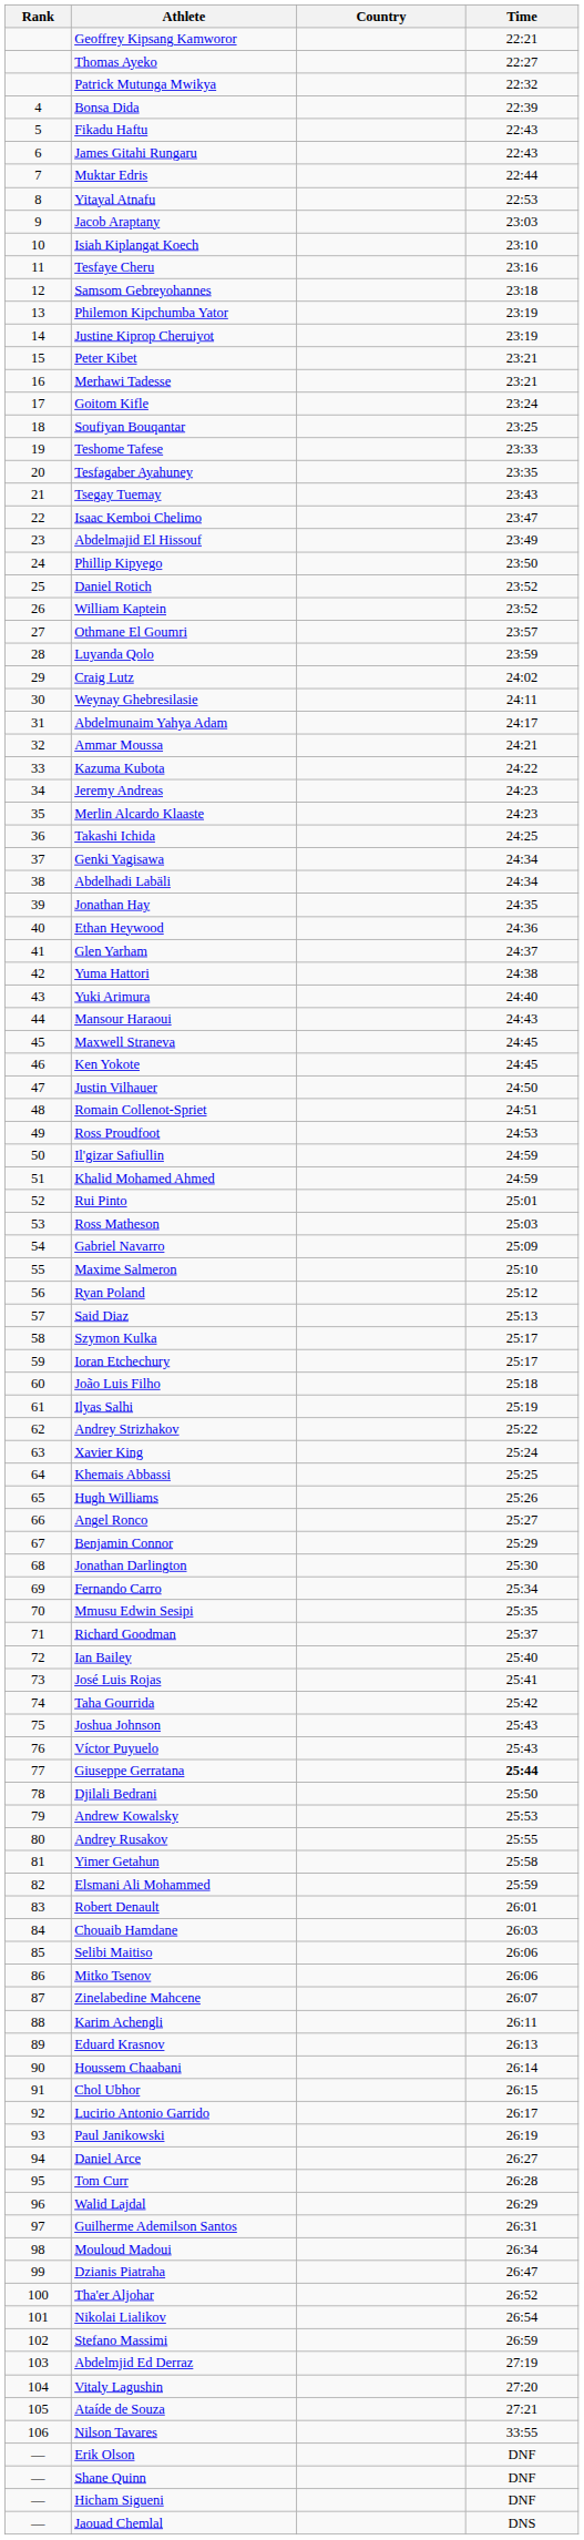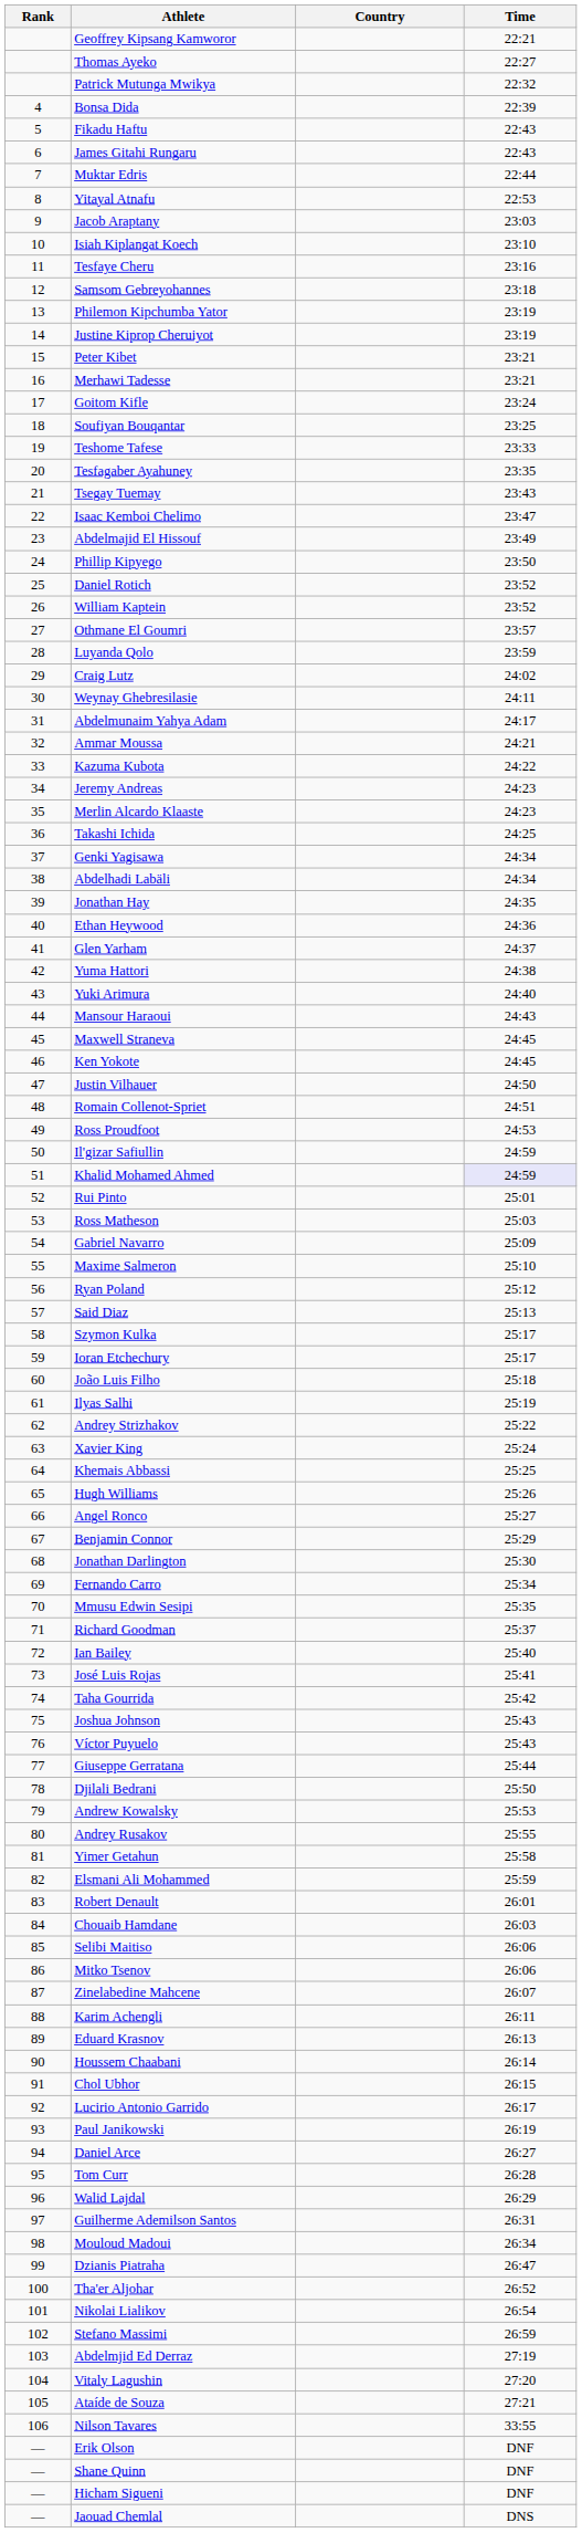 <table class="wikitable sortable" style=" text-align:center; font-size:95%;" width="50%">
 <tr>
 <th width=5%>Rank</th>
 <th width=20%>Athlete</th>
 <th width=15%>Country</th>
 <th width=10%>Time</th>
 </tr>
 <tr>
 <td align=center></td>
 <td align=left><a href='#'>Geoffrey Kipsang Kamworor</a></td>
 <td align=left></td>
 <td>22:21</td>
 </tr>
 <tr>
 <td align=center></td>
 <td align=left><a href='#'>Thomas Ayeko</a></td>
 <td align=left></td>
 <td>22:27</td>
 </tr>
 <tr>
 <td align=center></td>
 <td align=left><a href='#'>Patrick Mutunga Mwikya</a></td>
 <td align=left></td>
 <td>22:32</td>
 </tr>
 <tr>
 <td align=center>4</td>
 <td align=left><a href='#'>Bonsa Dida</a></td>
 <td align=left></td>
 <td>22:39</td>
 </tr>
 <tr>
 <td align=center>5</td>
 <td align=left><a href='#'>Fikadu Haftu</a></td>
 <td align=left></td>
 <td>22:43</td>
 </tr>
 <tr>
 <td align=center>6</td>
 <td align=left><a href='#'>James Gitahi Rungaru</a></td>
 <td align=left></td>
 <td>22:43</td>
 </tr>
 <tr>
 <td align=center>7</td>
 <td align=left><a href='#'>Muktar Edris</a></td>
 <td align=left></td>
 <td>22:44</td>
 </tr>
 <tr>
 <td align=center>8</td>
 <td align=left><a href='#'>Yitayal Atnafu</a></td>
 <td align=left></td>
 <td>22:53</td>
 </tr>
 <tr>
 <td align=center>9</td>
 <td align=left><a href='#'>Jacob Araptany</a></td>
 <td align=left></td>
 <td>23:03</td>
 </tr>
 <tr>
 <td align=center>10</td>
 <td align=left><a href='#'>Isiah Kiplangat Koech</a></td>
 <td align=left></td>
 <td>23:10</td>
 </tr>
 <tr>
 <td align=center>11</td>
 <td align=left><a href='#'>Tesfaye Cheru</a></td>
 <td align=left></td>
 <td>23:16</td>
 </tr>
 <tr>
 <td align=center>12</td>
 <td align=left><a href='#'>Samsom Gebreyohannes</a></td>
 <td align=left></td>
 <td>23:18</td>
 </tr>
 <tr>
 <td align=center>13</td>
 <td align=left><a href='#'>Philemon Kipchumba Yator</a></td>
 <td align=left></td>
 <td>23:19</td>
 </tr>
 <tr>
 <td align=center>14</td>
 <td align=left><a href='#'>Justine Kiprop Cheruiyot</a></td>
 <td align=left></td>
 <td>23:19</td>
 </tr>
 <tr>
 <td align=center>15</td>
 <td align=left><a href='#'>Peter Kibet</a></td>
 <td align=left></td>
 <td>23:21</td>
 </tr>
 <tr>
 <td align=center>16</td>
 <td align=left><a href='#'>Merhawi Tadesse</a></td>
 <td align=left></td>
 <td>23:21</td>
 </tr>
 <tr>
 <td align=center>17</td>
 <td align=left><a href='#'>Goitom Kifle</a></td>
 <td align=left></td>
 <td>23:24</td>
 </tr>
 <tr>
 <td align=center>18</td>
 <td align=left><a href='#'>Soufiyan Bouqantar</a></td>
 <td align=left></td>
 <td>23:25</td>
 </tr>
 <tr>
 <td align=center>19</td>
 <td align=left><a href='#'>Teshome Tafese</a></td>
 <td align=left></td>
 <td>23:33</td>
 </tr>
 <tr>
 <td align=center>20</td>
 <td align=left><a href='#'>Tesfagaber Ayahuney</a></td>
 <td align=left></td>
 <td>23:35</td>
 </tr>
 <tr>
 <td align=center>21</td>
 <td align=left><a href='#'>Tsegay Tuemay</a></td>
 <td align=left></td>
 <td>23:43</td>
 </tr>
 <tr>
 <td align=center>22</td>
 <td align=left><a href='#'>Isaac Kemboi Chelimo</a></td>
 <td align=left></td>
 <td>23:47</td>
 </tr>
 <tr>
 <td align=center>23</td>
 <td align=left><a href='#'>Abdelmajid El Hissouf</a></td>
 <td align=left></td>
 <td>23:49</td>
 </tr>
 <tr>
 <td align=center>24</td>
 <td align=left><a href='#'>Phillip Kipyego</a></td>
 <td align=left></td>
 <td>23:50</td>
 </tr>
 <tr>
 <td align=center>25</td>
 <td align=left><a href='#'>Daniel Rotich</a></td>
 <td align=left></td>
 <td>23:52</td>
 </tr>
 <tr>
 <td align=center>26</td>
 <td align=left><a href='#'>William Kaptein</a></td>
 <td align=left></td>
 <td>23:52</td>
 </tr>
 <tr>
 <td align=center>27</td>
 <td align=left><a href='#'>Othmane El Goumri</a></td>
 <td align=left></td>
 <td>23:57</td>
 </tr>
 <tr>
 <td align=center>28</td>
 <td align=left><a href='#'>Luyanda Qolo</a></td>
 <td align=left></td>
 <td>23:59</td>
 </tr>
 <tr>
 <td align=center>29</td>
 <td align=left><a href='#'>Craig Lutz</a></td>
 <td align=left></td>
 <td>24:02</td>
 </tr>
 <tr>
 <td align=center>30</td>
 <td align=left><a href='#'>Weynay Ghebresilasie</a></td>
 <td align=left></td>
 <td>24:11</td>
 </tr>
 <tr>
 <td align=center>31</td>
 <td align=left><a href='#'>Abdelmunaim Yahya Adam</a></td>
 <td align=left></td>
 <td>24:17</td>
 </tr>
 <tr>
 <td align=center>32</td>
 <td align=left><a href='#'>Ammar Moussa</a></td>
 <td align=left></td>
 <td>24:21</td>
 </tr>
 <tr>
 <td align=center>33</td>
 <td align=left><a href='#'>Kazuma Kubota</a></td>
 <td align=left></td>
 <td>24:22</td>
 </tr>
 <tr>
 <td align=center>34</td>
 <td align=left><a href='#'>Jeremy Andreas</a></td>
 <td align=left></td>
 <td>24:23</td>
 </tr>
 <tr>
 <td align=center>35</td>
 <td align=left><a href='#'>Merlin Alcardo Klaaste</a></td>
 <td align=left></td>
 <td>24:23</td>
 </tr>
 <tr>
 <td align=center>36</td>
 <td align=left><a href='#'>Takashi Ichida</a></td>
 <td align=left></td>
 <td>24:25</td>
 </tr>
 <tr>
 <td align=center>37</td>
 <td align=left><a href='#'>Genki Yagisawa</a></td>
 <td align=left></td>
 <td>24:34</td>
 </tr>
 <tr>
 <td align=center>38</td>
 <td align=left><a href='#'>Abdelhadi Labäli</a></td>
 <td align=left></td>
 <td>24:34</td>
 </tr>
 <tr>
 <td align=center>39</td>
 <td align=left><a href='#'>Jonathan Hay</a></td>
 <td align=left></td>
 <td>24:35</td>
 </tr>
 <tr>
 <td align=center>40</td>
 <td align=left><a href='#'>Ethan Heywood</a></td>
 <td align=left></td>
 <td>24:36</td>
 </tr>
 <tr>
 <td align=center>41</td>
 <td align=left><a href='#'>Glen Yarham</a></td>
 <td align=left></td>
 <td>24:37</td>
 </tr>
 <tr>
 <td align=center>42</td>
 <td align=left><a href='#'>Yuma Hattori</a></td>
 <td align=left></td>
 <td>24:38</td>
 </tr>
 <tr>
 <td align=center>43</td>
 <td align=left><a href='#'>Yuki Arimura</a></td>
 <td align=left></td>
 <td>24:40</td>
 </tr>
 <tr>
 <td align=center>44</td>
 <td align=left><a href='#'>Mansour Haraoui</a></td>
 <td align=left></td>
 <td>24:43</td>
 </tr>
 <tr>
 <td align=center>45</td>
 <td align=left><a href='#'>Maxwell Straneva</a></td>
 <td align=left></td>
 <td>24:45</td>
 </tr>
 <tr>
 <td align=center>46</td>
 <td align=left><a href='#'>Ken Yokote</a></td>
 <td align=left></td>
 <td>24:45</td>
 </tr>
 <tr>
 <td align=center>47</td>
 <td align=left><a href='#'>Justin Vilhauer</a></td>
 <td align=left></td>
 <td>24:50</td>
 </tr>
 <tr>
 <td align=center>48</td>
 <td align=left><a href='#'>Romain Collenot-Spriet</a></td>
 <td align=left></td>
 <td>24:51</td>
 </tr>
 <tr>
 <td align=center>49</td>
 <td align=left><a href='#'>Ross Proudfoot</a></td>
 <td align=left></td>
 <td>24:53</td>
 </tr>
 <tr>
 <td align=center>50</td>
 <td align=left><a href='#'>Il'gizar Safiullin</a></td>
 <td align=left></td>
 <td>24:59</td>
 </tr>
 <tr>
 <td align=center>51</td>
 <td align=left><a href='#'>Khalid Mohamed Ahmed</a></td>
 <td align=left></td>
-<td>24:59</td>
+<td style="background: lavender;">24:59</td>
 </tr>
 <tr>
 <td align=center>52</td>
 <td align=left><a href='#'>Rui Pinto</a></td>
 <td align=left></td>
 <td>25:01</td>
 </tr>
 <tr>
 <td align=center>53</td>
 <td align=left><a href='#'>Ross Matheson</a></td>
 <td align=left></td>
 <td>25:03</td>
 </tr>
 <tr>
 <td align=center>54</td>
 <td align=left><a href='#'>Gabriel Navarro</a></td>
 <td align=left></td>
 <td>25:09</td>
 </tr>
 <tr>
 <td align=center>55</td>
 <td align=left><a href='#'>Maxime Salmeron</a></td>
 <td align=left></td>
 <td>25:10</td>
 </tr>
 <tr>
 <td align=center>56</td>
 <td align=left><a href='#'>Ryan Poland</a></td>
 <td align=left></td>
 <td>25:12</td>
 </tr>
 <tr>
 <td align=center>57</td>
 <td align=left><a href='#'>Said Diaz</a></td>
 <td align=left></td>
 <td>25:13</td>
 </tr>
 <tr>
 <td align=center>58</td>
 <td align=left><a href='#'>Szymon Kulka</a></td>
 <td align=left></td>
 <td>25:17</td>
 </tr>
 <tr>
 <td align=center>59</td>
 <td align=left><a href='#'>Ioran Etchechury</a></td>
 <td align=left></td>
 <td>25:17</td>
 </tr>
 <tr>
 <td align=center>60</td>
 <td align=left><a href='#'>João Luis Filho</a></td>
 <td align=left></td>
 <td>25:18</td>
 </tr>
 <tr>
 <td align=center>61</td>
 <td align=left><a href='#'>Ilyas Salhi</a></td>
 <td align=left></td>
 <td>25:19</td>
 </tr>
 <tr>
 <td align=center>62</td>
 <td align=left><a href='#'>Andrey Strizhakov</a></td>
 <td align=left></td>
 <td>25:22</td>
 </tr>
 <tr>
 <td align=center>63</td>
 <td align=left><a href='#'>Xavier King</a></td>
 <td align=left></td>
 <td>25:24</td>
 </tr>
 <tr>
 <td align=center>64</td>
 <td align=left><a href='#'>Khemais Abbassi</a></td>
 <td align=left></td>
 <td>25:25</td>
 </tr>
 <tr>
 <td align=center>65</td>
 <td align=left><a href='#'>Hugh Williams</a></td>
 <td align=left></td>
 <td>25:26</td>
 </tr>
 <tr>
 <td align=center>66</td>
 <td align=left><a href='#'>Angel Ronco</a></td>
 <td align=left></td>
 <td>25:27</td>
 </tr>
 <tr>
 <td align=center>67</td>
 <td align=left><a href='#'>Benjamin Connor</a></td>
 <td align=left></td>
 <td>25:29</td>
 </tr>
 <tr>
 <td align=center>68</td>
 <td align=left><a href='#'>Jonathan Darlington</a></td>
 <td align=left></td>
 <td>25:30</td>
 </tr>
 <tr>
 <td align=center>69</td>
 <td align=left><a href='#'>Fernando Carro</a></td>
 <td align=left></td>
 <td>25:34</td>
 </tr>
 <tr>
 <td align=center>70</td>
 <td align=left><a href='#'>Mmusu Edwin Sesipi</a></td>
 <td align=left></td>
 <td>25:35</td>
 </tr>
 <tr>
 <td align=center>71</td>
 <td align=left><a href='#'>Richard Goodman</a></td>
 <td align=left></td>
 <td>25:37</td>
 </tr>
 <tr>
 <td align=center>72</td>
 <td align=left><a href='#'>Ian Bailey</a></td>
 <td align=left></td>
 <td>25:40</td>
 </tr>
 <tr>
 <td align=center>73</td>
 <td align=left><a href='#'>José Luis Rojas</a></td>
 <td align=left></td>
 <td>25:41</td>
 </tr>
 <tr>
 <td align=center>74</td>
 <td align=left><a href='#'>Taha Gourrida</a></td>
 <td align=left></td>
 <td>25:42</td>
 </tr>
 <tr>
 <td align=center>75</td>
 <td align=left><a href='#'>Joshua Johnson</a></td>
 <td align=left></td>
 <td>25:43</td>
 </tr>
 <tr>
 <td align=center>76</td>
 <td align=left><a href='#'>Víctor Puyuelo</a></td>
 <td align=left></td>
 <td>25:43</td>
 </tr>
 <tr>
 <td align=center>77</td>
 <td align=left><a href='#'>Giuseppe Gerratana</a></td>
 <td align=left></td>
-<td><strong>25:44</strong></td>
+<td>25:44</td>
 </tr>
 <tr>
 <td align=center>78</td>
 <td align=left><a href='#'>Djilali Bedrani</a></td>
 <td align=left></td>
 <td>25:50</td>
 </tr>
 <tr>
 <td align=center>79</td>
 <td align=left><a href='#'>Andrew Kowalsky</a></td>
 <td align=left></td>
 <td>25:53</td>
 </tr>
 <tr>
 <td align=center>80</td>
 <td align=left><a href='#'>Andrey Rusakov</a></td>
 <td align=left></td>
 <td>25:55</td>
 </tr>
 <tr>
 <td align=center>81</td>
 <td align=left><a href='#'>Yimer Getahun</a></td>
 <td align=left></td>
 <td>25:58</td>
 </tr>
 <tr>
 <td align=center>82</td>
 <td align=left><a href='#'>Elsmani Ali Mohammed</a></td>
 <td align=left></td>
 <td>25:59</td>
 </tr>
 <tr>
 <td align=center>83</td>
 <td align=left><a href='#'>Robert Denault</a></td>
 <td align=left></td>
 <td>26:01</td>
 </tr>
 <tr>
 <td align=center>84</td>
 <td align=left><a href='#'>Chouaib Hamdane</a></td>
 <td align=left></td>
 <td>26:03</td>
 </tr>
 <tr>
 <td align=center>85</td>
 <td align=left><a href='#'>Selibi Maitiso</a></td>
 <td align=left></td>
 <td>26:06</td>
 </tr>
 <tr>
 <td align=center>86</td>
 <td align=left><a href='#'>Mitko Tsenov</a></td>
 <td align=left></td>
 <td>26:06</td>
 </tr>
 <tr>
 <td align=center>87</td>
 <td align=left><a href='#'>Zinelabedine Mahcene</a></td>
 <td align=left></td>
 <td>26:07</td>
 </tr>
 <tr>
 <td align=center>88</td>
 <td align=left><a href='#'>Karim Achengli</a></td>
 <td align=left></td>
 <td>26:11</td>
 </tr>
 <tr>
 <td align=center>89</td>
 <td align=left><a href='#'>Eduard Krasnov</a></td>
 <td align=left></td>
 <td>26:13</td>
 </tr>
 <tr>
 <td align=center>90</td>
 <td align=left><a href='#'>Houssem Chaabani</a></td>
 <td align=left></td>
 <td>26:14</td>
 </tr>
 <tr>
 <td align=center>91</td>
 <td align=left><a href='#'>Chol Ubhor</a></td>
 <td align=left></td>
 <td>26:15</td>
 </tr>
 <tr>
 <td align=center>92</td>
 <td align=left><a href='#'>Lucirio Antonio Garrido</a></td>
 <td align=left></td>
 <td>26:17</td>
 </tr>
 <tr>
 <td align=center>93</td>
 <td align=left><a href='#'>Paul Janikowski</a></td>
 <td align=left></td>
 <td>26:19</td>
 </tr>
 <tr>
 <td align=center>94</td>
 <td align=left><a href='#'>Daniel Arce</a></td>
 <td align=left></td>
 <td>26:27</td>
 </tr>
 <tr>
 <td align=center>95</td>
 <td align=left><a href='#'>Tom Curr</a></td>
 <td align=left></td>
 <td>26:28</td>
 </tr>
 <tr>
 <td align=center>96</td>
 <td align=left><a href='#'>Walid Lajdal</a></td>
 <td align=left></td>
 <td>26:29</td>
 </tr>
 <tr>
 <td align=center>97</td>
 <td align=left><a href='#'>Guilherme Ademilson Santos</a></td>
 <td align=left></td>
 <td>26:31</td>
 </tr>
 <tr>
 <td align=center>98</td>
 <td align=left><a href='#'>Mouloud Madoui</a></td>
 <td align=left></td>
 <td>26:34</td>
 </tr>
 <tr>
 <td align=center>99</td>
 <td align=left><a href='#'>Dzianis Piatraha</a></td>
 <td align=left></td>
 <td>26:47</td>
 </tr>
 <tr>
 <td align=center>100</td>
 <td align=left><a href='#'>Tha'er Aljohar</a></td>
 <td align=left></td>
 <td>26:52</td>
 </tr>
 <tr>
 <td align=center>101</td>
 <td align=left><a href='#'>Nikolai Lialikov</a></td>
 <td align=left></td>
 <td>26:54</td>
 </tr>
 <tr>
 <td align=center>102</td>
 <td align=left><a href='#'>Stefano Massimi</a></td>
 <td align=left></td>
 <td>26:59</td>
 </tr>
 <tr>
 <td align=center>103</td>
 <td align=left><a href='#'>Abdelmjid Ed Derraz</a></td>
 <td align=left></td>
 <td>27:19</td>
 </tr>
 <tr>
 <td align=center>104</td>
 <td align=left><a href='#'>Vitaly Lagushin</a></td>
 <td align=left></td>
 <td>27:20</td>
 </tr>
 <tr>
 <td align=center>105</td>
 <td align=left><a href='#'>Ataíde de Souza</a></td>
 <td align=left></td>
 <td>27:21</td>
 </tr>
 <tr>
 <td align=center>106</td>
 <td align=left><a href='#'>Nilson Tavares</a></td>
 <td align=left></td>
 <td>33:55</td>
 </tr>
 <tr>
 <td align=center>—</td>
 <td align=left><a href='#'>Erik Olson</a></td>
 <td align=left></td>
 <td>DNF</td>
 </tr>
 <tr>
 <td align=center>—</td>
 <td align=left><a href='#'>Shane Quinn</a></td>
 <td align=left></td>
 <td>DNF</td>
 </tr>
 <tr>
 <td align=center>—</td>
 <td align=left><a href='#'>Hicham Sigueni</a></td>
 <td align=left></td>
 <td>DNF</td>
 </tr>
 <tr>
 <td align=center>—</td>
 <td align=left><a href='#'>Jaouad Chemlal</a></td>
 <td align=left></td>
 <td>DNS</td>
 </tr>
 </table>
